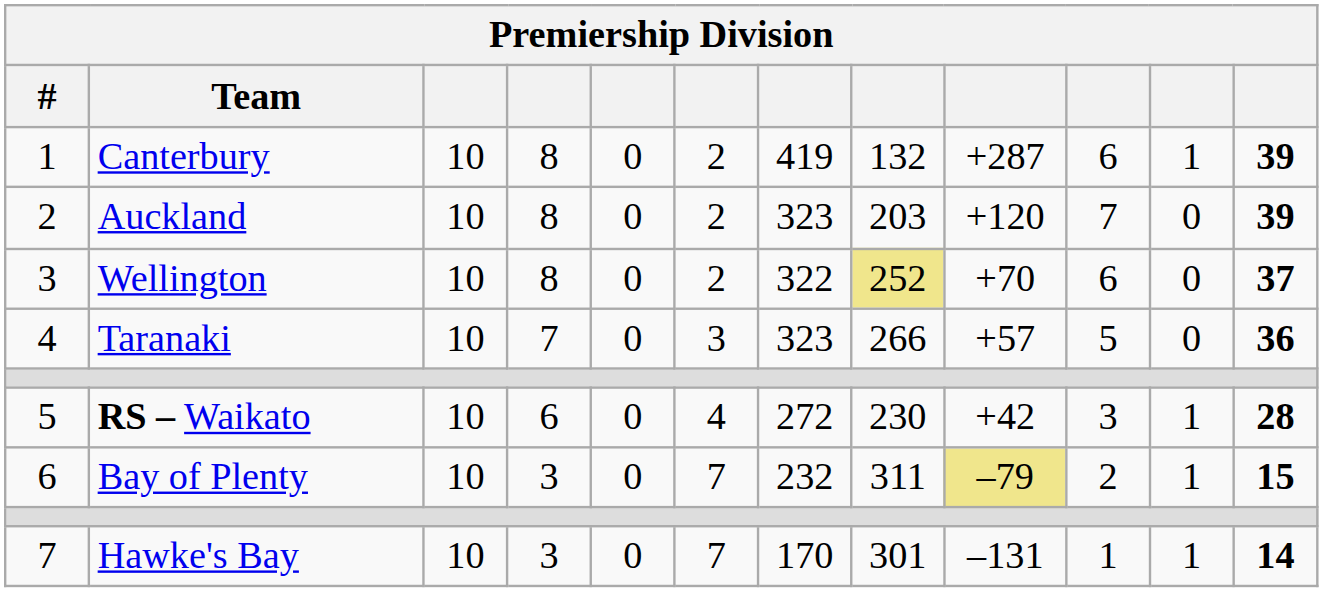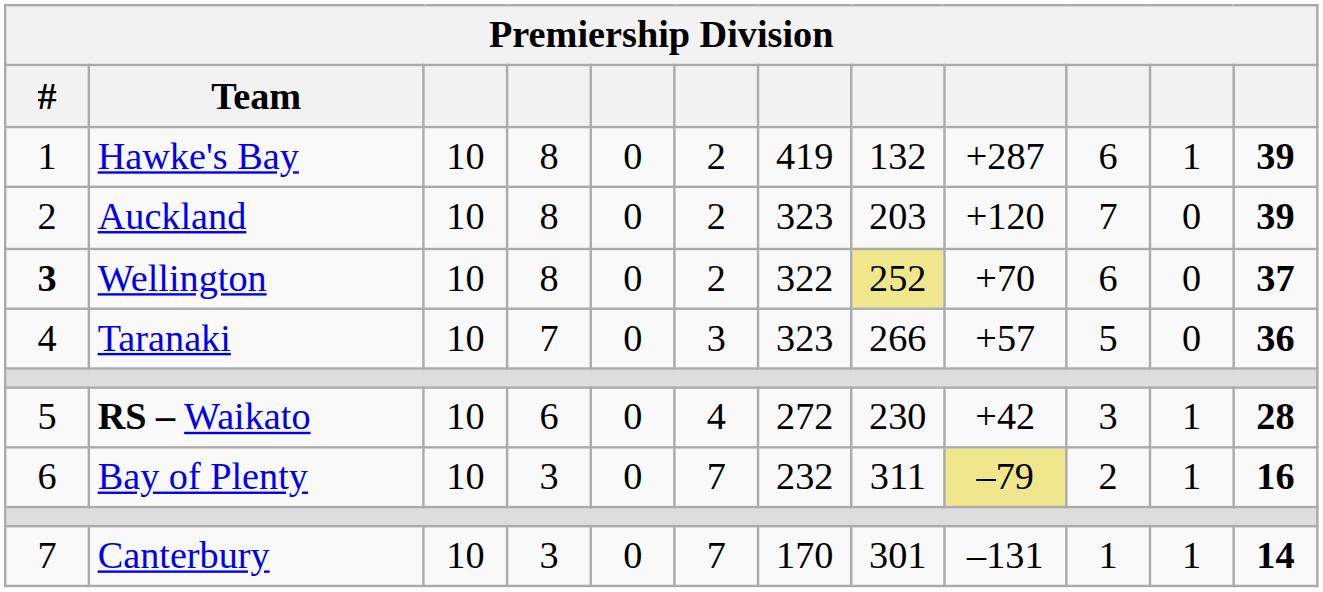 <table class="wikitable" width="550px" style="text-align:center">
 <tr>
 <th colspan="12">Premiership Division</th>
 </tr>
 <tr>
 <th style="width:5%">#</th>
 <th style="width:20%">Team</th>
 <th style="width:5%"></th>
 <th style="width:5%"></th>
 <th style="width:5%"></th>
 <th style="width:5%"></th>
 <th style="width:5%"></th>
 <th style="width:5%"></th>
 <th style="width:7%"></th>
 <th style="width:5%"></th>
 <th style="width:5%"></th>
 <th style="width:5%"></th>
 </tr>
 <tr>
 <td>1</td>
-<td style="text-align:left"><a href='#'>Canterbury</a></td>
+<td style="text-align:left"><a href='#'>Hawke's Bay</a></td>
 <td>10</td>
 <td>8</td>
 <td>0</td>
 <td>2</td>
 <td>419</td>
 <td>132</td>
 <td>+287</td>
 <td>6</td>
 <td>1</td>
 <td><strong>39</strong></td>
 </tr>
 <tr>
 <td>2</td>
 <td style="text-align:left"><a href='#'>Auckland</a></td>
 <td>10</td>
 <td>8</td>
 <td>0</td>
 <td>2</td>
 <td>323</td>
 <td>203</td>
 <td>+120</td>
 <td>7</td>
 <td>0</td>
 <td><strong>39</strong></td>
 </tr>
 <tr>
-<td>3</td>
+<td><strong>3</strong></td>
 <td style="text-align:left"><a href='#'>Wellington</a></td>
 <td>10</td>
 <td>8</td>
 <td>0</td>
 <td>2</td>
 <td>322</td>
 <td style="background: khaki;">252</td>
 <td>+70</td>
 <td>6</td>
 <td>0</td>
 <td><strong>37</strong></td>
 </tr>
 <tr>
 <td>4</td>
 <td style="text-align:left"><a href='#'>Taranaki</a></td>
 <td>10</td>
 <td>7</td>
 <td>0</td>
 <td>3</td>
 <td>323</td>
 <td>266</td>
 <td>+57</td>
 <td>5</td>
 <td>0</td>
 <td><strong>36</strong></td>
 </tr>
 <tr>
 <td colspan=12 style="background-color:#DDDDDD"></td>
 </tr>
 <tr>
 <td>5</td>
 <td style="text-align:left"><strong>RS –</strong> <a href='#'>Waikato</a></td>
 <td>10</td>
 <td>6</td>
 <td>0</td>
 <td>4</td>
 <td>272</td>
 <td>230</td>
 <td>+42</td>
 <td>3</td>
 <td>1</td>
 <td><strong>28</strong></td>
 </tr>
 <tr>
 <td>6</td>
 <td style="text-align:left"><a href='#'>Bay of Plenty</a></td>
 <td>10</td>
 <td>3</td>
 <td>0</td>
 <td>7</td>
 <td>232</td>
 <td>311</td>
 <td style="background: khaki;">–79</td>
 <td>2</td>
 <td>1</td>
-<td><strong>15</strong></td>
+<td><strong>16</strong></td>
 </tr>
 <tr>
 <td colspan=12 style="background-color:#DDDDDD"></td>
 </tr>
 <tr>
 <td>7</td>
-<td style="text-align:left"><a href='#'>Hawke's Bay</a></td>
+<td style="text-align:left"><a href='#'>Canterbury</a></td>
 <td>10</td>
 <td>3</td>
 <td>0</td>
 <td>7</td>
 <td>170</td>
 <td>301</td>
 <td>–131</td>
 <td>1</td>
 <td>1</td>
 <td><strong>14</strong></td>
 </tr>
 </table>
